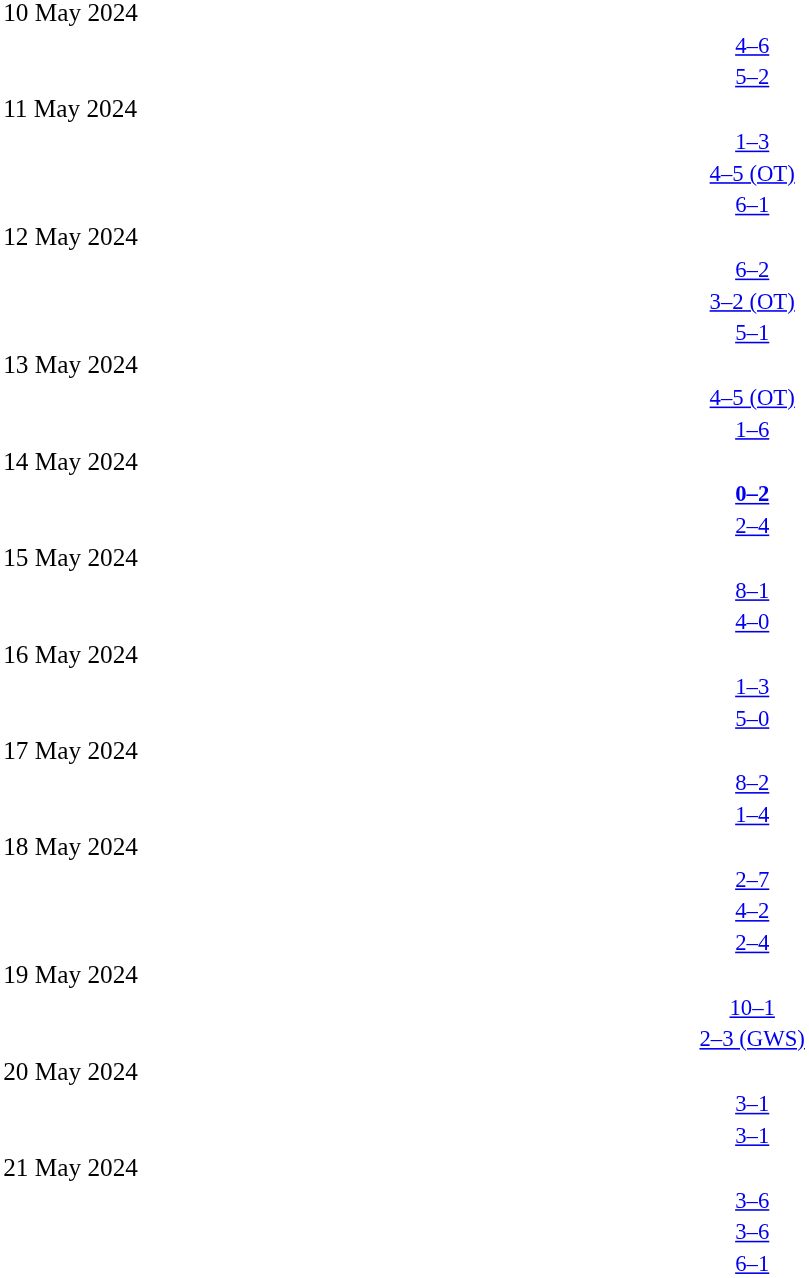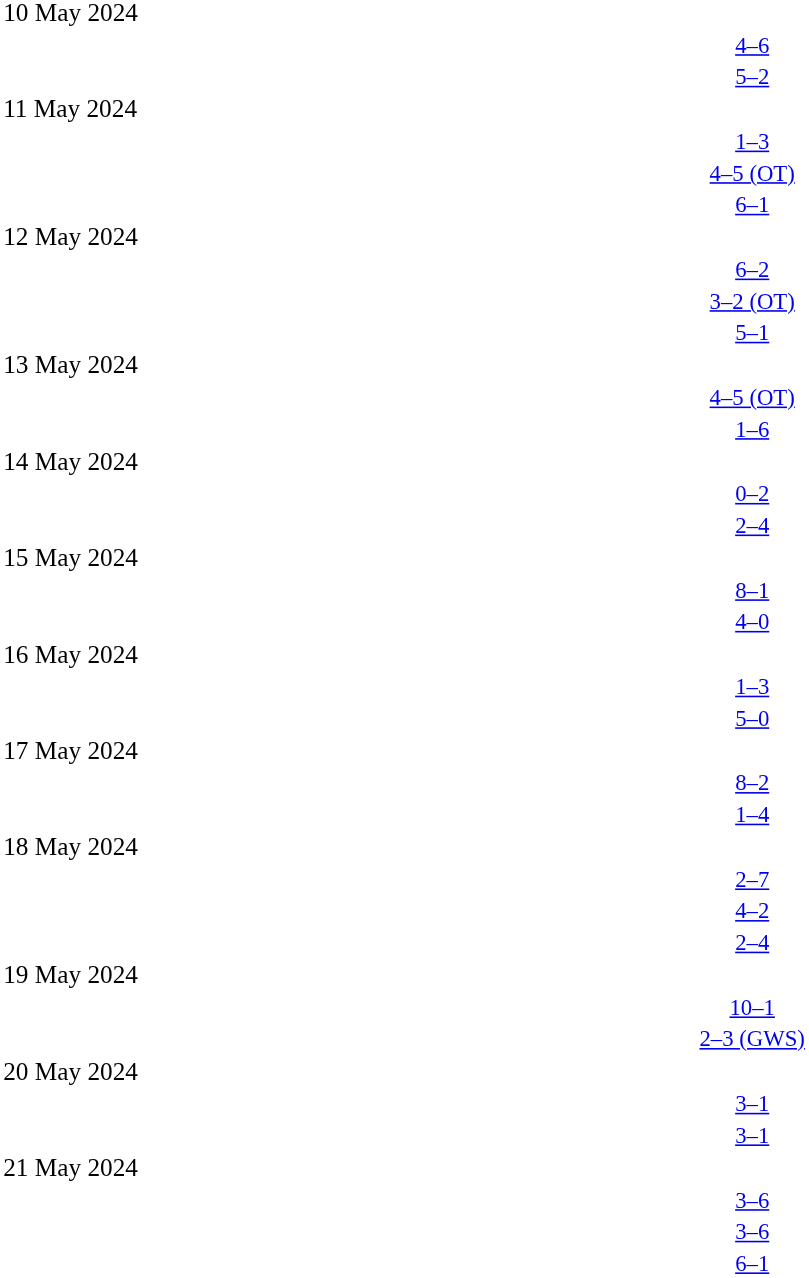 <table style="width:100%;" cellspacing="1">
 <tr>
 <th width=25%></th>
 <th width=2%></th>
 <th width=6%></th>
 <th width=2%></th>
 <th width=25%></th>
 </tr>
 <tr>
 <td>10 May 2024</td>
 </tr>
 <tr style=font-size:90%>
 <td align=right></td>
 <td></td>
 <td align=center><a href='#'>4–6</a></td>
 <td></td>
 <td></td>
 <td></td>
 </tr>
 <tr style=font-size:90%>
 <td align=right></td>
 <td></td>
 <td align=center><a href='#'>5–2</a></td>
 <td></td>
 <td></td>
 <td></td>
 </tr>
 <tr>
 <td>11 May 2024</td>
 </tr>
 <tr style=font-size:90%>
 <td align=right></td>
 <td></td>
 <td align=center><a href='#'>1–3</a></td>
 <td></td>
 <td></td>
 <td></td>
 </tr>
 <tr style=font-size:90%>
 <td align=right></td>
 <td></td>
 <td align=center><a href='#'>4–5 (OT)</a></td>
 <td></td>
 <td></td>
 <td></td>
 </tr>
 <tr style=font-size:90%>
 <td align=right></td>
 <td></td>
 <td align=center><a href='#'>6–1</a></td>
 <td></td>
 <td></td>
 <td></td>
 </tr>
 <tr>
 <td>12 May 2024</td>
 </tr>
 <tr style=font-size:90%>
 <td align=right></td>
 <td></td>
 <td align=center><a href='#'>6–2</a></td>
 <td></td>
 <td></td>
 <td></td>
 </tr>
 <tr style=font-size:90%>
 <td align=right></td>
 <td></td>
 <td align=center><a href='#'>3–2 (OT)</a></td>
 <td></td>
 <td></td>
 <td></td>
 </tr>
 <tr style=font-size:90%>
 <td align=right></td>
 <td></td>
 <td align=center><a href='#'>5–1</a></td>
 <td></td>
 <td></td>
 <td></td>
 </tr>
 <tr>
 <td>13 May 2024</td>
 </tr>
 <tr style=font-size:90%>
 <td align=right></td>
 <td></td>
 <td align=center><a href='#'>4–5 (OT)</a></td>
 <td></td>
 <td></td>
 <td></td>
 </tr>
 <tr style=font-size:90%>
 <td align=right></td>
 <td></td>
 <td align=center><a href='#'>1–6</a></td>
 <td></td>
 <td></td>
 <td></td>
 </tr>
 <tr>
 <td>14 May 2024</td>
 </tr>
 <tr style=font-size:90%>
 <td align=right></td>
 <td></td>
-<td align=center><strong><a href='#'>0–2</a></strong></td>
+<td align=center><a href='#'>0–2</a></td>
 <td></td>
 <td></td>
 <td></td>
 </tr>
 <tr style=font-size:90%>
 <td align=right></td>
 <td></td>
 <td align=center><a href='#'>2–4</a></td>
 <td></td>
 <td></td>
 <td></td>
 </tr>
 <tr>
 <td>15 May 2024</td>
 </tr>
 <tr style=font-size:90%>
 <td align=right></td>
 <td></td>
 <td align=center><a href='#'>8–1</a></td>
 <td></td>
 <td></td>
 <td></td>
 </tr>
 <tr style=font-size:90%>
 <td align=right></td>
 <td></td>
 <td align=center><a href='#'>4–0</a></td>
 <td></td>
 <td></td>
 <td></td>
 </tr>
 <tr>
 <td>16 May 2024</td>
 </tr>
 <tr style=font-size:90%>
 <td align=right></td>
 <td></td>
 <td align=center><a href='#'>1–3</a></td>
 <td></td>
 <td></td>
 <td></td>
 </tr>
 <tr style=font-size:90%>
 <td align=right></td>
 <td></td>
 <td align=center><a href='#'>5–0</a></td>
 <td></td>
 <td></td>
 <td></td>
 </tr>
 <tr>
 <td>17 May 2024</td>
 </tr>
 <tr style=font-size:90%>
 <td align=right></td>
 <td></td>
 <td align=center><a href='#'>8–2</a></td>
 <td></td>
 <td></td>
 <td></td>
 </tr>
 <tr style=font-size:90%>
 <td align=right></td>
 <td></td>
 <td align=center><a href='#'>1–4</a></td>
 <td></td>
 <td></td>
 <td></td>
 </tr>
 <tr>
 <td>18 May 2024</td>
 </tr>
 <tr style=font-size:90%>
 <td align=right></td>
 <td></td>
 <td align=center><a href='#'>2–7</a></td>
 <td></td>
 <td></td>
 <td></td>
 </tr>
 <tr style=font-size:90%>
 <td align=right></td>
 <td></td>
 <td align=center><a href='#'>4–2</a></td>
 <td></td>
 <td></td>
 <td></td>
 </tr>
 <tr style=font-size:90%>
 <td align=right></td>
 <td></td>
 <td align=center><a href='#'>2–4</a></td>
 <td></td>
 <td></td>
 <td></td>
 </tr>
 <tr>
 <td>19 May 2024</td>
 </tr>
 <tr style=font-size:90%>
 <td align=right></td>
 <td></td>
 <td align=center><a href='#'>10–1</a></td>
 <td></td>
 <td></td>
 <td></td>
 </tr>
 <tr style=font-size:90%>
 <td align=right></td>
 <td></td>
 <td align=center><a href='#'>2–3 (GWS)</a></td>
 <td></td>
 <td></td>
 <td></td>
 </tr>
 <tr>
 <td>20 May 2024</td>
 </tr>
 <tr style=font-size:90%>
 <td align=right></td>
 <td></td>
 <td align=center><a href='#'>3–1</a></td>
 <td></td>
 <td></td>
 <td></td>
 </tr>
 <tr style=font-size:90%>
 <td align=right></td>
 <td></td>
 <td align=center><a href='#'>3–1</a></td>
 <td></td>
 <td></td>
 <td></td>
 </tr>
 <tr>
 <td>21 May 2024</td>
 </tr>
 <tr style=font-size:90%>
 <td align=right></td>
 <td></td>
 <td align=center><a href='#'>3–6</a></td>
 <td></td>
 <td></td>
 <td></td>
 </tr>
 <tr style=font-size:90%>
 <td align=right></td>
 <td></td>
 <td align=center><a href='#'>3–6</a></td>
 <td></td>
 <td></td>
 <td></td>
 </tr>
 <tr style=font-size:90%>
 <td align=right></td>
 <td></td>
 <td align=center><a href='#'>6–1</a></td>
 <td></td>
 <td></td>
 <td></td>
 </tr>
 </table>
